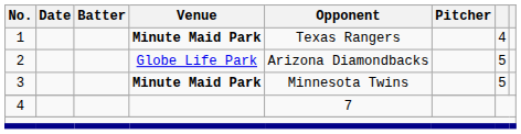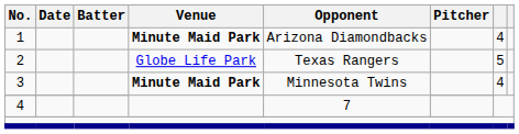 <table class="wikitable sortable" border="1" style="font-size: 90%">
 <tr>
 <th>No.</th>
 <th>Date</th>
 <th>Batter</th>
 <th>Venue</th>
 <th>Opponent</th>
 <th>Pitcher</th>
 <th></th>
 <th></th>
 </tr>
 <tr>
 <td align="center">1</td>
 <td align="center"></td>
 <td><strong></strong></td>
 <td align="center"><strong>Minute Maid Park</strong></td>
-<td align="center">Texas Rangers</td>
+<td align="center">Arizona Diamondbacks</td>
 <td></td>
 <td align="center">4</td>
 <td align="center"></td>
 </tr>
 <tr>
 <td align="center">2</td>
 <td align="center"></td>
 <td><strong></strong></td>
 <td align="center"><a href='#'>Globe Life Park</a></td>
-<td align="center">Arizona Diamondbacks</td>
+<td align="center">Texas Rangers</td>
 <td></td>
 <td align="center">5</td>
 <td align="center"></td>
 </tr>
 <tr>
 <td align="center">3</td>
 <td align="center"></td>
 <td><strong></strong></td>
 <td align="center" rowspan="2"><strong>Minute Maid Park</strong></td>
 <td align="center" rowspan="2">Minnesota Twins</td>
 <td></td>
-<td align="center">5</td>
+<td align="center">4</td>
 <td align="center"></td>
 </tr>
 <tr>
 </tr>
 <tr>
 <td align="center">4</td>
 <td align="center"></td>
 <td><strong></strong></td>
 <td></td>
 <td align="center">7</td>
 <td align="center"></td>
 </tr>
 <tr>
 </tr>
 <tr class="sort-bottom">
 <td style="border-bottom:#020088 5px solid;" colspan="8"></td>
 </tr>
 </table>
